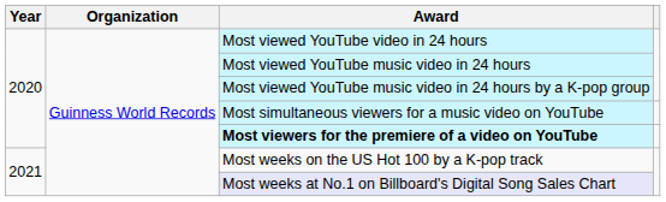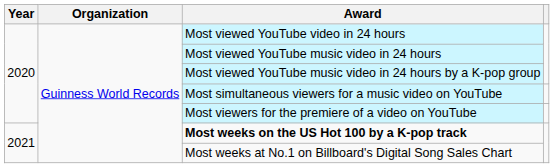 <table class="wikitable">
 <tr>
 <th>Year</th>
 <th>Organization</th>
 <th>Award</th>
 <th class="unsortable"></th>
 </tr>
 <tr>
 <td rowspan="5">2020</td>
 <td rowspan="7"><a href='#'>Guinness World Records</a></td>
 <td style="background-color:#CCF6FF"> Most viewed YouTube video in 24 hours</td>
 <td style="text-align:center;" rowspan="3"></td>
 </tr>
 <tr>
 <td style="background-color:#CCF6FF"> Most viewed YouTube music video in 24 hours</td>
 </tr>
 <tr>
 <td style="background-color:#CCF6FF"> Most viewed YouTube music video in 24 hours by a K-pop group</td>
 </tr>
 <tr>
 <td style="background-color:#CCF6FF"> Most simultaneous viewers for a music video on YouTube</td>
 <td style="text-align:center"> </td>
 </tr>
 <tr>
-<td style="background-color:#CCF6FF"><strong> Most viewers for the premiere of a video on YouTube</strong></td>
+<td style="background-color:#CCF6FF"> Most viewers for the premiere of a video on YouTube</td>
 <td style="text-align:center"></td>
 </tr>
 <tr>
 <td rowspan="2">2021</td>
-<td>Most weeks on the US Hot 100 by a K-pop track</td>
+<td><strong>Most weeks on the US Hot 100 by a K-pop track</strong></td>
 <td style="text-align:center" rowspan="2"></td>
 </tr>
 <tr>
-<td style="background: lavender;">Most weeks at No.1 on Billboard's Digital Song Sales Chart</td>
+<td>Most weeks at No.1 on Billboard's Digital Song Sales Chart</td>
 </tr>
 </table>
